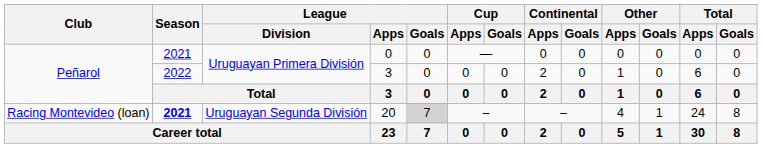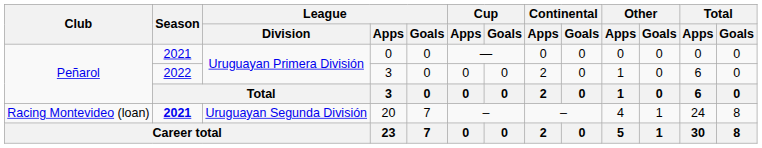 <table class="wikitable" Style="text-align: center">
 <tr>
 <th rowspan="2">Club</th>
 <th rowspan="2">Season</th>
 <th colspan="3">League</th>
 <th colspan="2">Cup</th>
 <th colspan="2">Continental</th>
 <th colspan="2">Other</th>
 <th colspan="2">Total</th>
 </tr>
 <tr>
 <th>Division</th>
 <th>Apps</th>
 <th>Goals</th>
 <th>Apps</th>
 <th>Goals</th>
 <th>Apps</th>
 <th>Goals</th>
 <th>Apps</th>
 <th>Goals</th>
 <th>Apps</th>
 <th>Goals</th>
 </tr>
 <tr>
 <td rowspan="3"><a href='#'>Peñarol</a></td>
 <td><a href='#'>2021</a></td>
 <td rowspan="2"><a href='#'>Uruguayan Primera División</a></td>
 <td>0</td>
 <td>0</td>
 <td colspan="2">—</td>
 <td>0</td>
 <td>0</td>
 <td>0</td>
 <td>0</td>
 <td>0</td>
 <td>0</td>
 </tr>
 <tr>
 <td><a href='#'>2022</a></td>
 <td>3</td>
 <td>0</td>
 <td>0</td>
 <td>0</td>
 <td>2</td>
 <td>0</td>
 <td>1</td>
 <td>0</td>
 <td>6</td>
 <td>0</td>
 </tr>
 <tr>
 <th colspan="2">Total</th>
 <th>3</th>
 <th>0</th>
 <th>0</th>
 <th>0</th>
 <th>2</th>
 <th>0</th>
 <th>1</th>
 <th>0</th>
 <th>6</th>
 <th>0</th>
 </tr>
 <tr>
 <td><a href='#'>Racing Montevideo</a> (loan)</td>
 <td><strong><a href='#'>2021</a></strong></td>
 <td><a href='#'>Uruguayan Segunda División</a></td>
 <td>20</td>
-<td style="background: lightgrey;">7</td>
+<td>7</td>
 <td colspan="2">–</td>
 <td colspan="2">–</td>
 <td>4</td>
 <td>1</td>
 <td>24</td>
 <td>8</td>
 </tr>
 <tr>
 <th colspan="3">Career total</th>
 <th>23</th>
 <th>7</th>
 <th>0</th>
 <th>0</th>
 <th>2</th>
 <th>0</th>
 <th>5</th>
 <th>1</th>
 <th>30</th>
 <th>8</th>
 </tr>
 </table>
